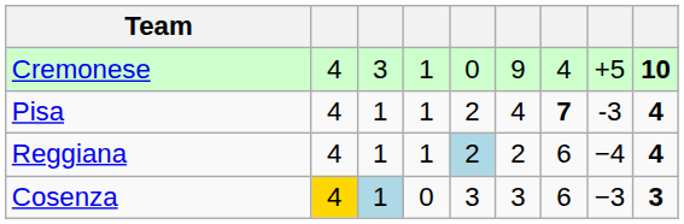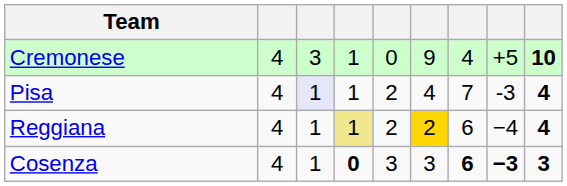 <table class="wikitable" style="text-align: center;">
 <tr>
 <th width=175>Team</th>
 <th width=20></th>
 <th width=20></th>
 <th width=20></th>
 <th width=20></th>
 <th width=20></th>
 <th width=20></th>
 <th width=20></th>
 <th width=20></th>
 </tr>
 <tr bgcolor="ccffcc">
 <td align=left> <a href='#'>Cremonese</a></td>
 <td>4</td>
 <td>3</td>
 <td>1</td>
 <td>0</td>
 <td>9</td>
 <td>4</td>
 <td>+5</td>
 <td><strong>10</strong></td>
 </tr>
 <tr>
 <td align=left> <a href='#'>Pisa</a></td>
 <td>4</td>
-<td>1</td>
+<td style="background: lavender;">1</td>
 <td>1</td>
 <td>2</td>
 <td>4</td>
-<td><strong>7</strong></td>
+<td>7</td>
 <td>-3</td>
 <td><strong>4</strong></td>
 </tr>
 <tr>
 <td align=left> <a href='#'>Reggiana</a></td>
 <td>4</td>
 <td>1</td>
-<td>1</td>
-<td style="background: lightblue;">2</td>
+<td style="background: khaki;">1</td>
 <td>2</td>
+<td style="background: gold;">2</td>
 <td>6</td>
 <td>−4</td>
 <td><strong>4</strong></td>
 </tr>
 <tr>
 <td align=left> <a href='#'>Cosenza</a></td>
-<td style="background: gold;">4</td>
-<td style="background: lightblue;">1</td>
-<td>0</td>
+<td>4</td>
+<td>1</td>
+<td><strong>0</strong></td>
 <td>3</td>
 <td>3</td>
-<td>6</td>
-<td>−3</td>
+<td><strong>6</strong></td>
+<td><strong>−3</strong></td>
 <td><strong>3</strong></td>
 </tr>
 </table>
